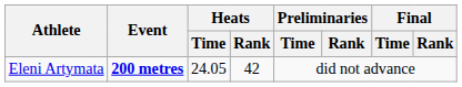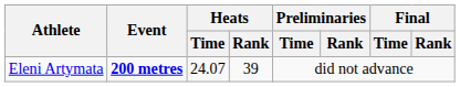 <table class=wikitable style="font-size:90%;">
 <tr>
 <th rowspan=2>Athlete</th>
 <th rowspan=2>Event</th>
 <th colspan=2>Heats</th>
 <th colspan=2>Preliminaries</th>
 <th colspan=2>Final</th>
 </tr>
 <tr>
 <th>Time</th>
 <th>Rank</th>
 <th>Time</th>
 <th>Rank</th>
 <th>Time</th>
 <th>Rank</th>
 </tr>
 <tr>
 <td><a href='#'>Eleni Artymata</a></td>
 <td><strong><a href='#'>200 metres</a></strong></td>
-<td align="center">24.05</td>
-<td align="center">42</td>
+<td align="center">24.07</td>
+<td align="center">39</td>
 <td align=center colspan=4>did not advance</td>
 </tr>
 </table>
